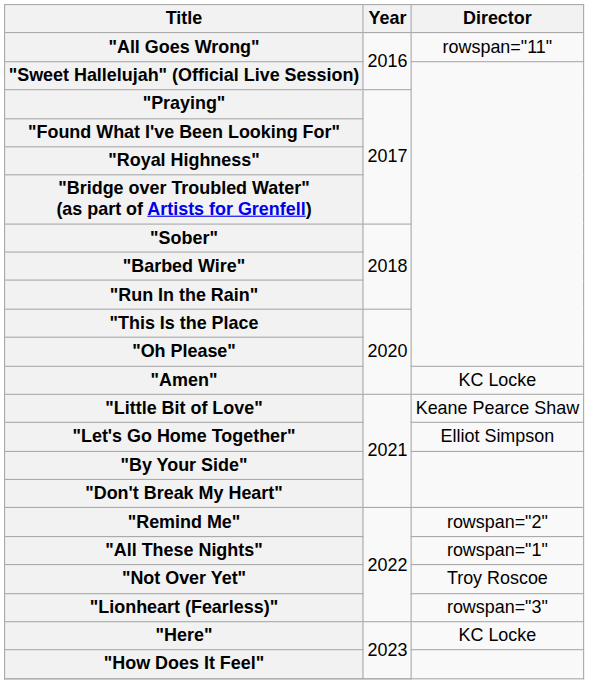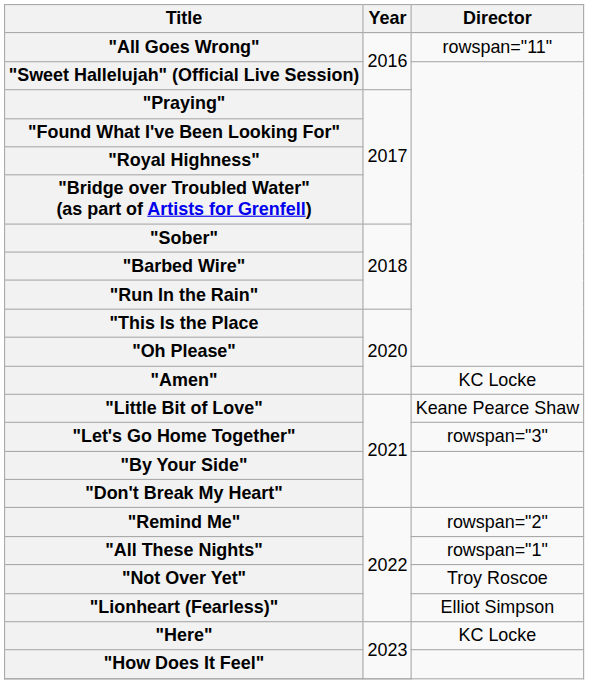 <table class="wikitable plainrowheaders" style="text-align:center;">
 <tr>
 <th scope="col">Title</th>
 <th scope="col">Year</th>
 <th scope="col">Director</th>
 </tr>
 <tr>
 <th scope="row">"All Goes Wrong"<br></th>
 <td rowspan="2">2016</td>
 <td>rowspan="11" </td>
 </tr>
 <tr>
 <th scope="row">"Sweet Hallelujah" (Official Live Session)</th>
 </tr>
 <tr>
 <th scope="row">"Praying"</th>
 <td rowspan="4">2017</td>
 </tr>
 <tr>
 <th scope="row">"Found What I've Been Looking For"</th>
 </tr>
 <tr>
 <th scope="row">"Royal Highness"</th>
 </tr>
 <tr>
 <th scope="row">"Bridge over Troubled Water"<br><span>(as part of <a href='#'>Artists for Grenfell</a>)</span></th>
 </tr>
 <tr>
 <th scope="row">"Sober"</th>
 <td rowspan="3">2018</td>
 </tr>
 <tr>
 <th scope="row">"Barbed Wire"</th>
 </tr>
 <tr>
 <th scope="row">"Run In the Rain"</th>
 </tr>
 <tr>
 <th scope="row">"This Is the Place</th>
 <td rowspan="3">2020</td>
 </tr>
 <tr>
 <th scope="row">"Oh Please"</th>
 </tr>
 <tr>
 <th scope="row">"Amen"</th>
 <td>KC Locke</td>
 </tr>
 <tr>
 <th scope="row">"Little Bit of Love"</th>
 <td rowspan="4">2021</td>
 <td>Keane Pearce Shaw</td>
 </tr>
 <tr>
 <th scope="row">"Let's Go Home Together"<br></th>
-<td>Elliot Simpson</td>
+<td>rowspan="3" </td>
 </tr>
 <tr>
 <th scope="row">"By Your Side"<br></th>
 </tr>
 <tr>
 <th scope="row">"Don't Break My Heart"</th>
 </tr>
 <tr>
 <th scope="row">"Remind Me"</th>
 <td rowspan="4">2022</td>
 <td>rowspan="2" </td>
 </tr>
 <tr>
 <th scope="row">"All These Nights"</th>
 <td>rowspan="1" </td>
 </tr>
 <tr>
 <th scope="row">"Not Over Yet"<br></th>
 <td>Troy Roscoe</td>
 </tr>
 <tr>
 <th scope="row">"Lionheart (Fearless)"<br></th>
-<td>rowspan="3" </td>
+<td>Elliot Simpson</td>
 </tr>
 <tr>
 <th scope="row">"Here"</th>
 <td rowspan="2">2023</td>
 <td>KC Locke</td>
 </tr>
 <tr>
 <th scope="row">"How Does It Feel"</th>
 </tr>
 <tr>
 </tr>
 </table>
